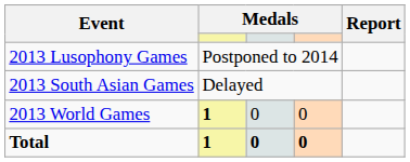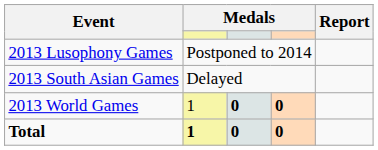 <table class=wikitable>
 <tr>
 <th rowspan=2>Event</th>
 <th colspan=3>Medals</th>
 <th rowspan=2>Report</th>
 </tr>
 <tr>
 <th style="background:#f7f6a8;"></th>
 <th style="background:#dce5e5;"></th>
 <th style="background:#ffdab9;"></th>
 </tr>
 <tr>
 <td><a href='#'>2013 Lusophony Games</a></td>
 <td colspan=3>Postponed to 2014</td>
 <td></td>
 </tr>
 <tr>
 <td><a href='#'>2013 South Asian Games</a></td>
 <td colspan=3>Delayed</td>
 <td></td>
 </tr>
 <tr>
 <td><a href='#'>2013 World Games</a></td>
-<td style="background:#f7f6a8;"><strong>1</strong></td>
-<td style="background:#dce5e5;">0</td>
-<td style="background:#ffdab9;">0</td>
+<td style="background:#f7f6a8;">1</td>
+<td style="background:#dce5e5;"><strong>0</strong></td>
+<td style="background:#ffdab9;"><strong>0</strong></td>
 <td></td>
 </tr>
 <tr>
 <td><strong>Total</strong></td>
 <td style="background:#f7f6a8;"><strong>1</strong></td>
 <td style="background:#dce5e5;"><strong>0</strong></td>
 <td style="background:#ffdab9;"><strong>0</strong></td>
 <td></td>
 </tr>
 </table>
